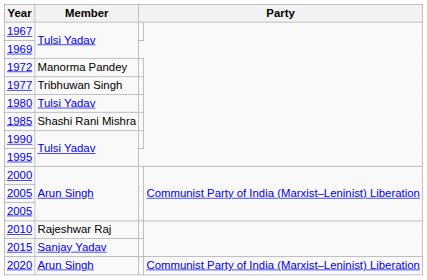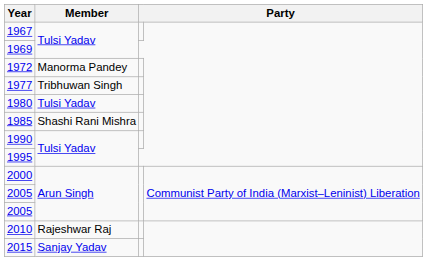 <table class="wikitable sortable">
 <tr>
 <th>Year</th>
 <th>Member</th>
 <th colspan="2">Party</th>
 </tr>
 <tr>
 <td><a href='#'>1967</a></td>
 <td rowspan="2"><a href='#'>Tulsi Yadav</a></td>
 <td></td>
 </tr>
 <tr>
 <td><a href='#'>1969</a></td>
 </tr>
 <tr>
 <td><a href='#'>1972</a></td>
 <td>Manorma Pandey</td>
 <td></td>
 </tr>
 <tr>
 <td><a href='#'>1977</a></td>
 <td>Tribhuwan Singh</td>
 <td></td>
 </tr>
 <tr>
 <td><a href='#'>1980</a></td>
 <td><a href='#'>Tulsi Yadav</a></td>
 <td></td>
 </tr>
 <tr>
 <td><a href='#'>1985</a></td>
 <td>Shashi Rani Mishra</td>
 <td></td>
 </tr>
 <tr>
 <td><a href='#'>1990</a></td>
 <td rowspan="2"><a href='#'>Tulsi Yadav</a></td>
 <td></td>
 </tr>
 <tr>
 <td><a href='#'>1995</a></td>
 </tr>
 <tr>
 <td><a href='#'>2000</a></td>
 <td rowspan="3"><a href='#'> Arun Singh</a></td>
 <td rowspan="3" style="background-color: "></td>
 <td rowspan="3"><a href='#'>Communist Party of India (Marxist–Leninist) Liberation</a></td>
 </tr>
 <tr>
 <td><a href='#'>2005</a></td>
 </tr>
 <tr>
 <td><a href='#'>2005</a></td>
 </tr>
 <tr>
 <td><a href='#'>2010</a></td>
 <td>Rajeshwar Raj</td>
 <td></td>
 </tr>
 <tr>
 <td><a href='#'>2015</a></td>
 <td><a href='#'>Sanjay Yadav</a></td>
 <td></td>
 </tr>
-<tr>
-<td><a href='#'>2020</a></td>
-<td><a href='#'>Arun Singh</a></td>
-<td style="background-color: "></td>
-<td><a href='#'>Communist Party of India (Marxist–Leninist) Liberation</a></td>
-</tr>
 </table>
